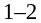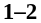 <table style="text-align:center">
 <tr>
 <th width=200></th>
 <th width=100></th>
 <th width=200></th>
 </tr>
 <tr>
 <td align=right></td>
-<td>1–2</td>
+<td><strong>1–2</strong></td>
 <td align=left></td>
 </tr>
 <tr>
 </tr>
 </table>
